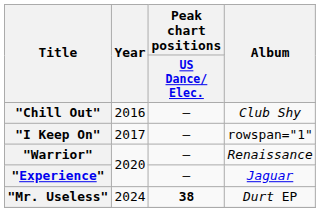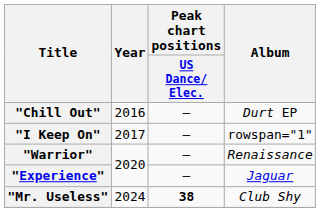 <table class="wikitable plainrowheaders" style="text-align:center;">
 <tr>
 <th scope="col" rowspan="2">Title</th>
 <th scope="col" rowspan="2">Year</th>
 <th scope="col" colspan="1">Peak chart positions</th>
 <th scope="col" rowspan="2">Album</th>
 </tr>
 <tr>
 <th scope="col" style="width:2.9em;font-size:90%;"><a href='#'>US<br>Dance/<br>Elec.</a></th>
 </tr>
 <tr>
 <th scope="row">"Chill Out"<br></th>
 <td>2016</td>
 <td>—</td>
-<td><em>Club Shy</em></td>
+<td><em>Durt</em> EP</td>
 </tr>
 <tr>
 <th scope="row">"I Keep On"<br></th>
 <td>2017</td>
 <td>—</td>
 <td>rowspan="1" </td>
 </tr>
 <tr>
 <th scope="row">"Warrior"<br></th>
 <td rowspan="2">2020</td>
 <td>—</td>
 <td><em>Renaissance</em></td>
 </tr>
 <tr>
 <th scope="row">"<a href='#'>Experience</a>"<br></th>
 <td>—</td>
 <td><em><a href='#'>Jaguar</a></em></td>
 </tr>
 <tr>
 <th scope="row">"Mr. Useless"<br></th>
 <td rowspan="2">2024</td>
 <td><strong>38</strong></td>
-<td><em>Durt</em> EP</td>
+<td><em>Club Shy</em></td>
 </tr>
 <tr>
 </tr>
 </table>
